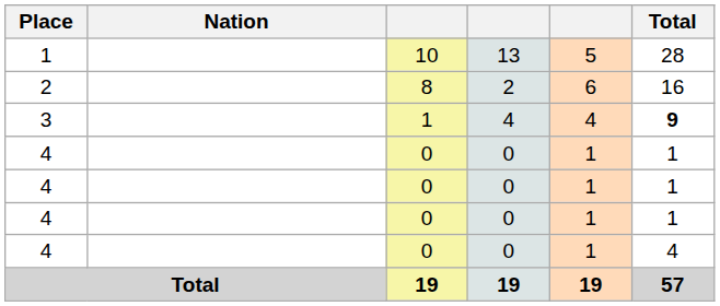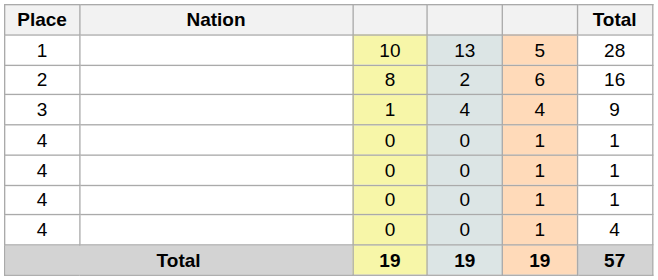 <table class=wikitable style="border:1px solid #AAAAAA;font-size:90%">
 <tr bgcolor="#EFEFEF">
 <th width=50>Place</th>
 <th width=200>Nation</th>
 <th width=50></th>
 <th width=50></th>
 <th width=50></th>
 <th width=50>Total</th>
 </tr>
 <tr align="center" valign="top" bgcolor="#FFFFFF">
 <td>1</td>
 <td align="left"></td>
 <td style="background:#F7F6A8;">10</td>
 <td style="background:#DCE5E5;">13</td>
 <td style="background:#FFDAB9;">5</td>
 <td>28</td>
 </tr>
 <tr align="center" valign="top" bgcolor="#FFFFFF">
 <td>2</td>
 <td align="left"></td>
 <td style="background:#F7F6A8;">8</td>
 <td style="background:#DCE5E5;">2</td>
 <td style="background:#FFDAB9;">6</td>
 <td>16</td>
 </tr>
 <tr align="center" valign="top" bgcolor="#FFFFFF">
 <td>3</td>
 <td align="left"></td>
 <td style="background:#F7F6A8;">1</td>
 <td style="background:#DCE5E5;">4</td>
 <td style="background:#FFDAB9;">4</td>
-<td><strong>9</strong></td>
+<td>9</td>
 </tr>
 <tr align="center" valign="top" bgcolor="#FFFFFF">
 <td>4</td>
 <td align="left"></td>
 <td style="background:#F7F6A8;">0</td>
 <td style="background:#DCE5E5;">0</td>
 <td style="background:#FFDAB9;">1</td>
 <td>1</td>
 </tr>
 <tr align="center" valign="top" bgcolor="#FFFFFF">
 <td>4</td>
 <td align="left"></td>
 <td style="background:#F7F6A8;">0</td>
 <td style="background:#DCE5E5;">0</td>
 <td style="background:#FFDAB9;">1</td>
 <td>1</td>
 </tr>
 <tr align="center" valign="top" bgcolor="#FFFFFF">
 <td>4</td>
 <td align="left"></td>
 <td style="background:#F7F6A8;">0</td>
 <td style="background:#DCE5E5;">0</td>
 <td style="background:#FFDAB9;">1</td>
 <td>1</td>
 </tr>
 <tr align="center" valign="top" bgcolor="#FFFFFF">
 <td>4</td>
 <td align="left"></td>
 <td style="background:#F7F6A8;">0</td>
 <td style="background:#DCE5E5;">0</td>
 <td style="background:#FFDAB9;">1</td>
 <td>4</td>
 </tr>
 <tr align="center">
 <td colspan="2" bgcolor=D3D3D3><strong>Total</strong></td>
 <td style="background:#F7F6A8;"><strong>19</strong></td>
 <td style="background:#DCE5E5;"><strong>19</strong></td>
 <td style="background:#FFDAB9;"><strong>19</strong></td>
 <td bgcolor=D3D3D3><strong>57</strong></td>
 </tr>
 </table>
